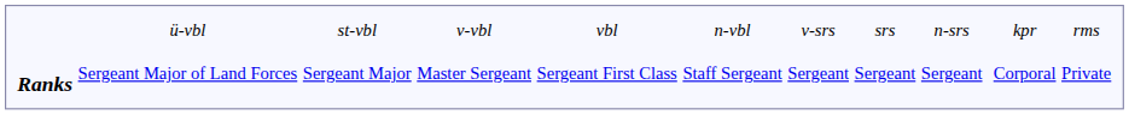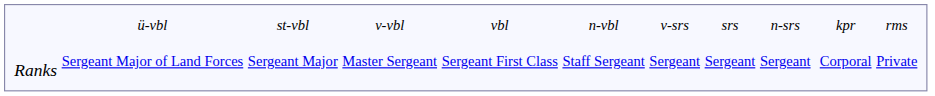 <table style="border:1px solid #8888aa; background-color:#f7f8ff; padding:5px; font-size:95%; margin: 0px 12px 12px 0px;">
 <tr style="text-align:center;">
 <td></td>
 <td colspan=3><em><small>ü-vbl</small></em></td>
 <td colspan=3><em><small>st-vbl</small></em></td>
 <td colspan=2><em><small>v-vbl</small></em></td>
 <td colspan=2><em><small>vbl</small></em></td>
 <td colspan=6><em><small>n-vbl</small></em></td>
 <td colspan=6><em><small>v-srs</small></em></td>
 <td colspan=2><em><small>srs</small></em></td>
 <td colspan=2><em><small>n-srs</small></em></td>
 <td colspan=2></td>
 <td colspan=6><em><small>kpr</small></em></td>
 <td colspan=2><em><small>rms</small></em></td>
 </tr>
 <tr style="text-align:center;">
-<td><strong><em><br>Ranks</em></strong></td>
+<td><em><br>Ranks</em></td>
 <td colspan=3><small><a href='#'>Sergeant Major of Land Forces</a></small></td>
 <td colspan=3><small><a href='#'>Sergeant Major</a></small></td>
 <td colspan=2><small><a href='#'>Master Sergeant</a></small></td>
 <td colspan=2><small><a href='#'>Sergeant First Class</a></small></td>
 <td colspan=6><small><a href='#'>Staff Sergeant</a></small></td>
 <td colspan=6><small><a href='#'>Sergeant</a></small></td>
 <td colspan=2><small><a href='#'>Sergeant</a></small></td>
 <td colspan=2><small><a href='#'>Sergeant</a></small></td>
 <td colspan=2></td>
 <td colspan=6><small><a href='#'>Corporal</a></small></td>
 <td colspan=2><small><a href='#'>Private</a></small></td>
 </tr>
 </table>
